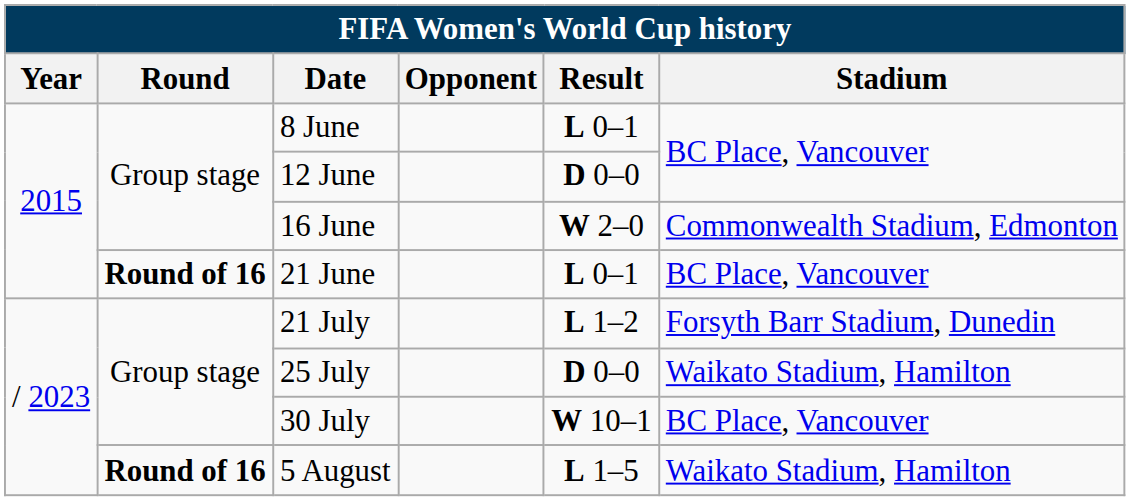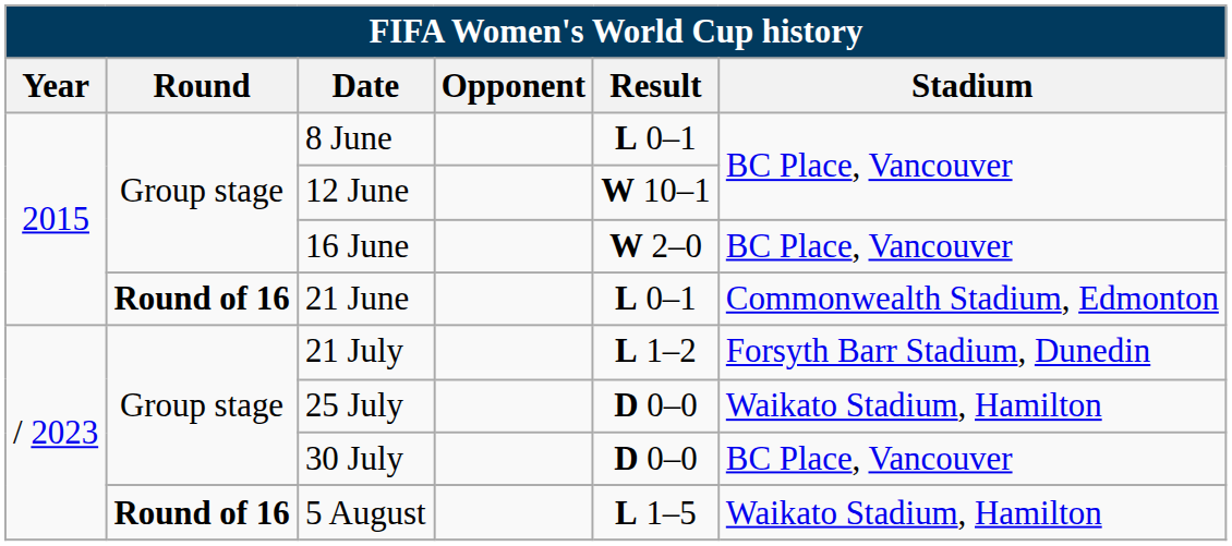 <table class="wikitable" style="text-align: center;font-size:100%;">
 <tr>
 <th colspan=6 style="background: #013A5E; color: #FFFFFF;">FIFA Women's World Cup history</th>
 </tr>
 <tr>
 <th>Year</th>
 <th>Round</th>
 <th>Date</th>
 <th>Opponent</th>
 <th>Result</th>
 <th>Stadium</th>
 </tr>
 <tr>
 <td rowspan=4> <a href='#'>2015</a></td>
 <td rowspan=3>Group stage</td>
 <td align="left">8 June</td>
 <td align="left"></td>
 <td><strong>L</strong> 0–1</td>
 <td rowspan=2 align="left"><a href='#'>BC Place</a>, <a href='#'>Vancouver</a></td>
 </tr>
 <tr>
 <td align="left">12 June</td>
 <td align="left"></td>
-<td><strong>D</strong> 0–0</td>
+<td><strong>W</strong> 10–1</td>
 </tr>
 <tr>
 <td align="left">16 June</td>
 <td align="left"></td>
 <td><strong>W</strong> 2–0</td>
-<td align="left"><a href='#'>Commonwealth Stadium</a>, <a href='#'>Edmonton</a></td>
+<td align="left"><a href='#'>BC Place</a>, <a href='#'>Vancouver</a></td>
 </tr>
 <tr>
 <td><strong>Round of 16</strong></td>
 <td align="left">21 June</td>
 <td align="left"></td>
 <td><strong>L</strong> 0–1</td>
-<td align="left"><a href='#'>BC Place</a>, <a href='#'>Vancouver</a></td>
+<td align="left"><a href='#'>Commonwealth Stadium</a>, <a href='#'>Edmonton</a></td>
 </tr>
 <tr>
 <td rowspan=4>/ <a href='#'>2023</a></td>
 <td rowspan=3>Group stage</td>
 <td align="left">21 July</td>
 <td align="left"></td>
 <td><strong>L</strong> 1–2</td>
 <td align="left"><a href='#'>Forsyth Barr Stadium</a>, <a href='#'>Dunedin</a></td>
 </tr>
 <tr>
 <td align="left">25 July</td>
 <td align="left"></td>
 <td><strong>D</strong> 0–0</td>
 <td align="left"><a href='#'>Waikato Stadium</a>, <a href='#'>Hamilton</a></td>
 </tr>
 <tr>
 <td align="left">30 July</td>
 <td align="left"></td>
-<td><strong>W</strong> 10–1</td>
+<td><strong>D</strong> 0–0</td>
 <td align="left"><a href='#'>BC Place</a>, <a href='#'>Vancouver</a></td>
 </tr>
 <tr>
 <td><strong>Round of 16</strong></td>
 <td align="left">5 August</td>
 <td align="left"></td>
 <td><strong>L</strong> 1–5</td>
 <td align="left"><a href='#'>Waikato Stadium</a>, <a href='#'>Hamilton</a></td>
 </tr>
 </table>
